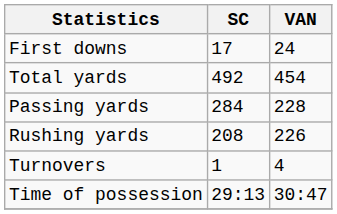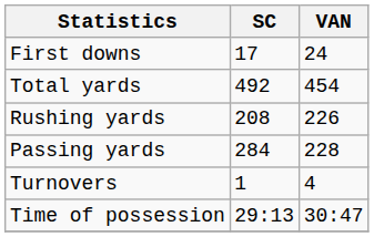 <table class="wikitable">
 <tr>
 <th>Statistics</th>
 <th>SC</th>
 <th>VAN</th>
 </tr>
 <tr>
 <td>First downs</td>
 <td>17</td>
 <td>24</td>
 </tr>
 <tr>
 <td>Total yards</td>
 <td>492</td>
 <td>454</td>
 </tr>
 <tr>
+<td>Rushing yards</td>
+<td>208</td>
+<td>226</td>
+</tr>
+<tr>
 <td>Passing yards</td>
 <td>284</td>
 <td>228</td>
-</tr>
-<tr>
-<td>Rushing yards</td>
-<td>208</td>
-<td>226</td>
 </tr>
 <tr>
 <td>Turnovers</td>
 <td>1</td>
 <td>4</td>
 </tr>
 <tr>
 <td>Time of possession</td>
 <td>29:13</td>
 <td>30:47</td>
 </tr>
 <tr>
 </tr>
 </table>
